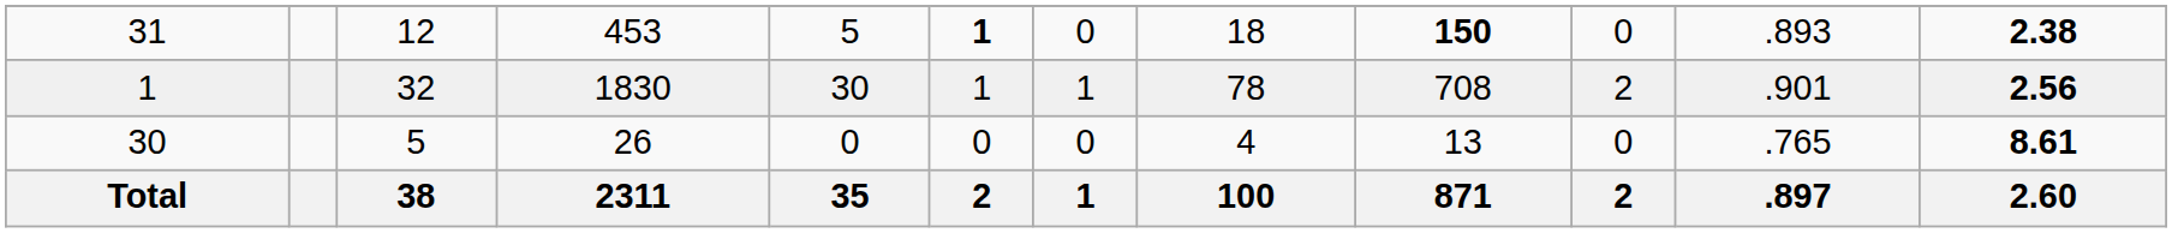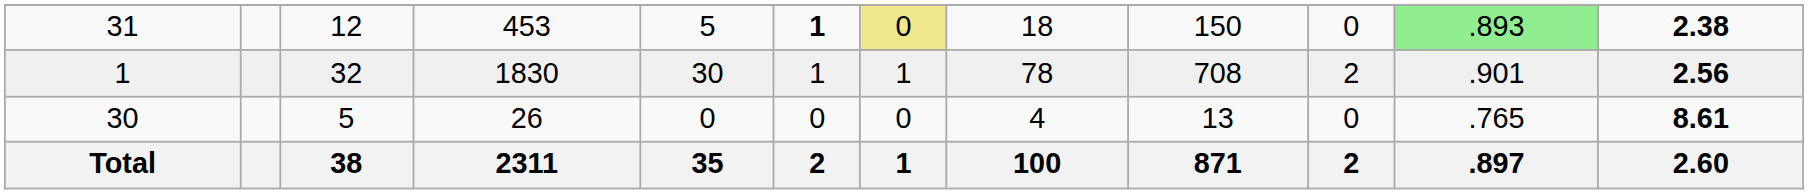 <table class="wikitable sortable" width ="1000">
 <tr align="center">
 </tr>
 <tr align="center">
 <td>31</td>
 <td></td>
 <td>12</td>
 <td>453</td>
 <td>5</td>
 <td><strong>1</strong></td>
+<td style="background: khaki;">0</td>
+<td>18</td>
+<td>150</td>
 <td>0</td>
-<td>18</td>
-<td><strong>150</strong></td>
-<td>0</td>
-<td>.893</td>
+<td style="background: lightgreen;">.893</td>
 <td><strong>2.38</strong></td>
 </tr>
 <tr align="center" bgcolor="#f0f0f0">
 <td>1</td>
 <td></td>
 <td>32</td>
 <td>1830</td>
 <td>30</td>
 <td>1</td>
 <td>1</td>
 <td>78</td>
 <td>708</td>
 <td>2</td>
 <td>.901</td>
 <td><strong>2.56</strong></td>
 </tr>
 <tr align="center">
 <td>30</td>
 <td></td>
 <td>5</td>
 <td>26</td>
 <td>0</td>
 <td>0</td>
 <td>0</td>
 <td>4</td>
 <td>13</td>
 <td>0</td>
 <td>.765</td>
 <td><strong>8.61</strong></td>
 </tr>
 <tr align="center" bgcolor="#f0f0f0">
 <th>Total</th>
 <th></th>
 <th>38</th>
 <th>2311</th>
 <th>35</th>
 <th>2</th>
 <th>1</th>
 <th>100</th>
 <th>871</th>
 <th>2</th>
 <th>.897</th>
 <th>2.60</th>
 </tr>
 </table>
